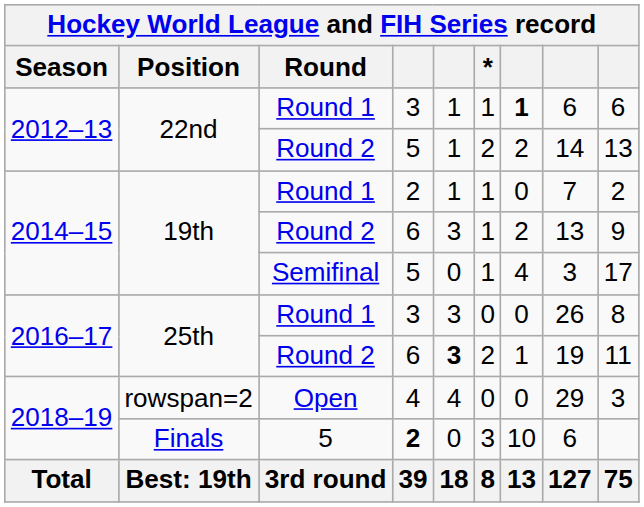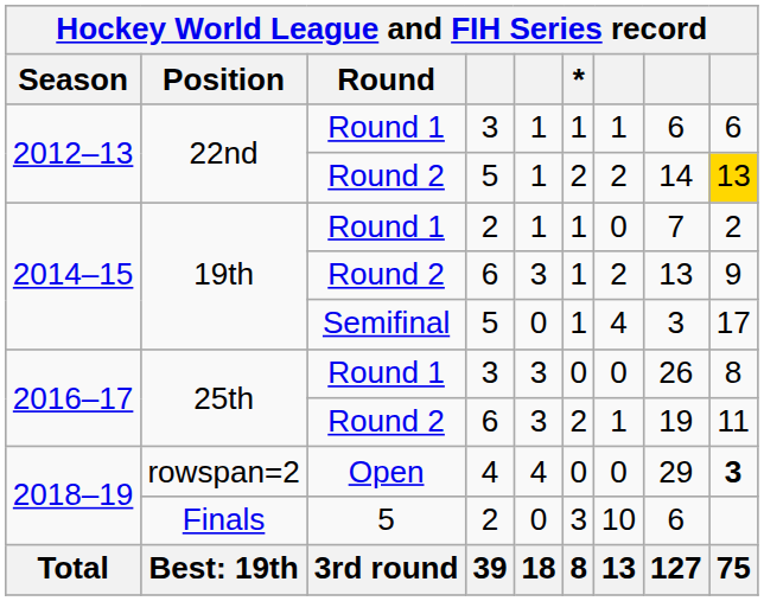 <table class="wikitable" style="text-align: center;">
 <tr>
 <th colspan=9><a href='#'>Hockey World League</a> and <a href='#'>FIH Series</a> record</th>
 </tr>
 <tr>
 <th>Season</th>
 <th>Position</th>
 <th>Round</th>
 <th></th>
 <th></th>
 <th> *</th>
 <th></th>
 <th></th>
 <th></th>
 </tr>
 <tr>
 <td rowspan=2><a href='#'>2012–13</a></td>
 <td rowspan=2>22nd</td>
 <td><a href='#'>Round 1</a></td>
 <td>3</td>
 <td>1</td>
 <td>1</td>
-<td><strong>1</strong></td>
+<td>1</td>
 <td>6</td>
 <td>6</td>
 </tr>
 <tr>
 <td><a href='#'>Round 2</a></td>
 <td>5</td>
 <td>1</td>
 <td>2</td>
 <td>2</td>
 <td>14</td>
-<td>13</td>
+<td style="background: gold;">13</td>
 </tr>
 <tr>
 <td rowspan=3><a href='#'>2014–15</a></td>
 <td rowspan=3>19th</td>
 <td><a href='#'>Round 1</a></td>
 <td>2</td>
 <td>1</td>
 <td>1</td>
 <td>0</td>
 <td>7</td>
 <td>2</td>
 </tr>
 <tr>
 <td><a href='#'>Round 2</a></td>
 <td>6</td>
 <td>3</td>
 <td>1</td>
 <td>2</td>
 <td>13</td>
 <td>9</td>
 </tr>
 <tr>
 <td><a href='#'>Semifinal</a></td>
 <td>5</td>
 <td>0</td>
 <td>1</td>
 <td>4</td>
 <td>3</td>
 <td>17</td>
 </tr>
 <tr>
 <td rowspan=2><a href='#'>2016–17</a></td>
 <td rowspan=2>25th</td>
 <td><a href='#'>Round 1</a></td>
 <td>3</td>
 <td>3</td>
 <td>0</td>
 <td>0</td>
 <td>26</td>
 <td>8</td>
 </tr>
 <tr>
 <td><a href='#'>Round 2</a></td>
 <td>6</td>
-<td><strong>3</strong></td>
+<td>3</td>
 <td>2</td>
 <td>1</td>
 <td>19</td>
 <td>11</td>
 </tr>
 <tr>
 <td rowspan=2><a href='#'>2018–19</a></td>
 <td>rowspan=2 </td>
 <td><a href='#'>Open</a></td>
 <td>4</td>
 <td>4</td>
 <td>0</td>
 <td>0</td>
 <td>29</td>
-<td>3</td>
+<td><strong>3</strong></td>
 </tr>
 <tr>
 <td><a href='#'>Finals</a></td>
 <td>5</td>
-<td><strong>2</strong></td>
+<td>2</td>
 <td>0</td>
 <td>3</td>
 <td>10</td>
 <td>6</td>
 </tr>
 <tr>
 <th>Total</th>
 <th>Best: 19th</th>
 <th>3rd round</th>
 <th>39</th>
 <th>18</th>
 <th>8</th>
 <th>13</th>
 <th>127</th>
 <th>75</th>
 </tr>
 </table>
